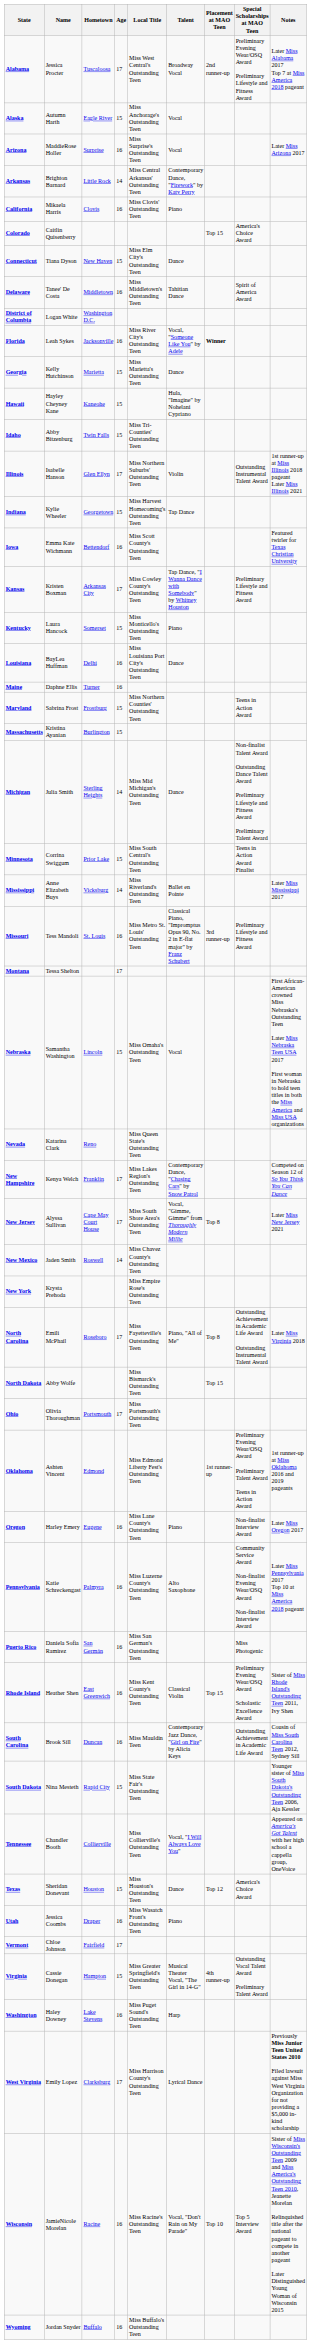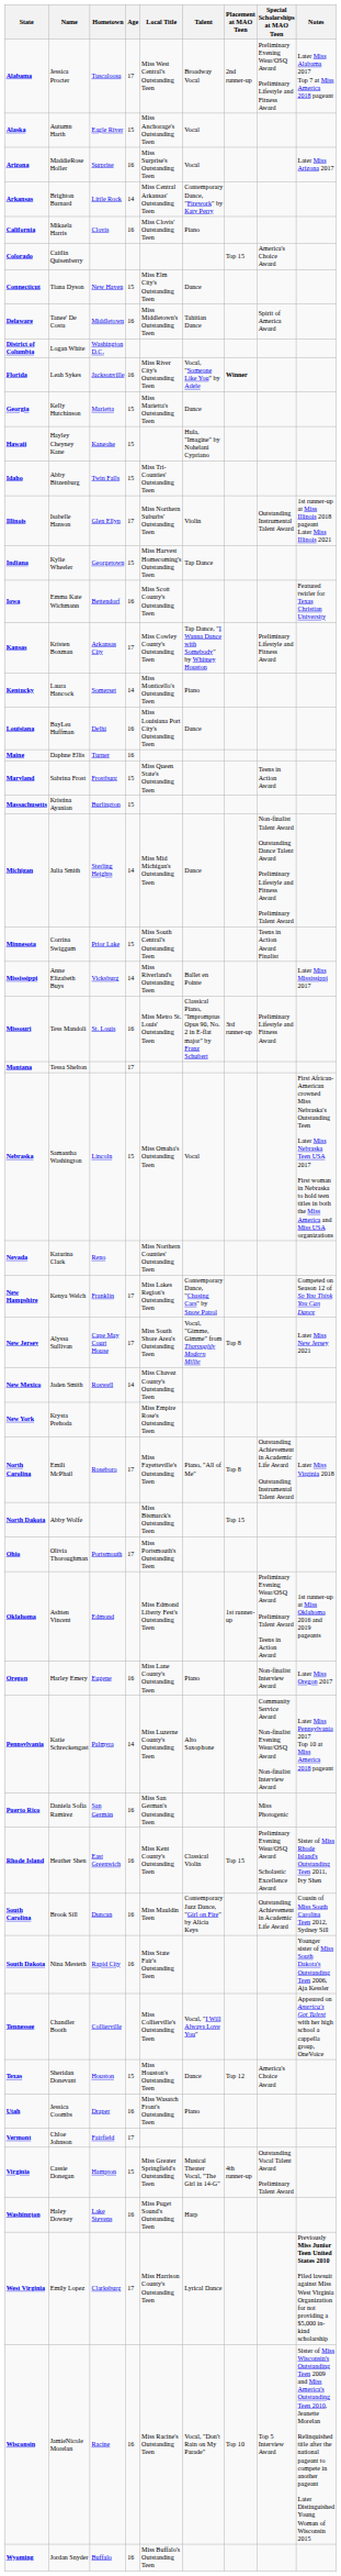 <table class="wikitable sortable" style="font-size:90%">
 <tr>
 <th>State</th>
 <th>Name</th>
 <th>Hometown</th>
 <th>Age</th>
 <th>Local Title</th>
 <th>Talent</th>
 <th>Placement at MAO Teen</th>
 <th>Special Scholarships at MAO Teen</th>
 <th>Notes</th>
 </tr>
 <tr>
 <td> <strong><a href='#'>Alabama</a></strong></td>
 <td>Jessica Procter</td>
 <td><a href='#'>Tuscaloosa</a></td>
 <td>17</td>
 <td>Miss West Central's Outstanding Teen</td>
 <td>Broadway Vocal</td>
 <td>2nd runner-up</td>
 <td>Preliminary Evening Wear/OSQ Award<br><br>Preliminary Lifestyle and Fitness Award</td>
 <td>Later <a href='#'>Miss Alabama</a> 2017<br>Top 7 at <a href='#'>Miss America 2018</a> pageant</td>
 </tr>
 <tr>
 <td> <strong><a href='#'>Alaska</a></strong></td>
 <td>Autumn Harth</td>
 <td><a href='#'>Eagle River</a></td>
 <td>15</td>
 <td>Miss Anchorage's Outstanding Teen</td>
 <td>Vocal</td>
 <td></td>
 <td></td>
 <td></td>
 </tr>
 <tr>
 <td> <strong><a href='#'>Arizona</a></strong></td>
 <td>MaddieRose Holler</td>
 <td><a href='#'>Surprise</a></td>
 <td>16</td>
 <td>Miss Surprise's Outstanding Teen</td>
 <td>Vocal</td>
 <td></td>
 <td></td>
 <td>Later <a href='#'>Miss Arizona</a> 2017</td>
 </tr>
 <tr>
 <td> <strong><a href='#'>Arkansas</a></strong></td>
 <td>Brighton Barnard</td>
 <td><a href='#'>Little Rock</a></td>
 <td>14</td>
 <td>Miss Central Arkansas' Outstanding Teen</td>
 <td>Contemporary Dance, "<a href='#'>Firework</a>" by <a href='#'>Katy Perry</a></td>
 <td></td>
 <td></td>
 <td></td>
 </tr>
 <tr>
 <td> <strong><a href='#'>California</a></strong></td>
 <td>Mikaela Harris</td>
 <td><a href='#'>Clovis</a></td>
 <td>16</td>
 <td>Miss Clovis' Outstanding Teen</td>
 <td>Piano</td>
 <td></td>
 <td></td>
 <td></td>
 </tr>
 <tr>
 <td> <strong><a href='#'>Colorado</a></strong></td>
 <td>Caitlin Quisenberry</td>
 <td></td>
 <td></td>
 <td></td>
 <td></td>
 <td>Top 15</td>
 <td>America's Choice Award</td>
 <td></td>
 </tr>
 <tr>
 <td> <strong><a href='#'>Connecticut</a></strong></td>
 <td>Tiana Dyson</td>
 <td><a href='#'>New Haven</a></td>
 <td>15</td>
 <td>Miss Elm City's Outstanding Teen</td>
 <td>Dance</td>
 <td></td>
 <td></td>
 <td></td>
 </tr>
 <tr>
 <td> <strong><a href='#'>Delaware</a></strong></td>
 <td>Tanee' De Costa</td>
 <td><a href='#'>Middletown</a></td>
 <td>16</td>
 <td>Miss Middletown's Outstanding Teen</td>
 <td>Tahitian Dance</td>
 <td></td>
 <td>Spirit of America Award</td>
 <td></td>
 </tr>
 <tr>
 <td> <strong><a href='#'>District of Columbia</a></strong></td>
 <td>Logan White</td>
 <td><a href='#'>Washington D.C.</a></td>
 <td></td>
 <td></td>
 <td></td>
 <td></td>
 <td></td>
 <td></td>
 </tr>
 <tr>
 <td> <strong><a href='#'>Florida</a></strong></td>
 <td>Leah Sykes</td>
 <td><a href='#'>Jacksonville</a></td>
 <td>16</td>
 <td>Miss River City's Outstanding Teen</td>
 <td>Vocal, "<a href='#'>Someone Like You</a>" by <a href='#'>Adele</a></td>
 <td><strong>Winner</strong></td>
 <td></td>
 <td></td>
 </tr>
 <tr>
 <td> <strong><a href='#'>Georgia</a></strong></td>
 <td>Kelly Hutchinson</td>
 <td><a href='#'>Marietta</a></td>
 <td>15</td>
 <td>Miss Marietta's Outstanding Teen</td>
 <td>Dance</td>
 <td></td>
 <td></td>
 <td></td>
 </tr>
 <tr>
 <td> <strong><a href='#'>Hawaii</a></strong></td>
 <td>Hayley Cheyney Kane</td>
 <td><a href='#'>Kaneohe</a></td>
 <td>15</td>
 <td></td>
 <td>Hula, "Imagine" by Nohelani Cypriano</td>
 <td></td>
 <td></td>
 <td></td>
 </tr>
 <tr>
 <td> <strong><a href='#'>Idaho</a></strong></td>
 <td>Abby Bitzenburg</td>
 <td><a href='#'>Twin Falls</a></td>
 <td>15</td>
 <td>Miss Tri-Counties' Outstanding Teen</td>
 <td></td>
 <td></td>
 <td></td>
 <td></td>
 </tr>
 <tr>
 <td> <strong><a href='#'>Illinois</a></strong></td>
 <td>Isabelle Hanson</td>
 <td><a href='#'>Glen Ellyn</a></td>
 <td>17</td>
 <td>Miss Northern Suburbs' Outstanding Teen</td>
 <td>Violin</td>
 <td></td>
 <td>Outstanding Instrumental Talent Award</td>
 <td>1st runner-up at <a href='#'>Miss Illinois</a> 2018 pageant<br>Later <a href='#'>Miss Illinois</a> 2021</td>
 </tr>
 <tr>
 <td> <strong><a href='#'>Indiana</a></strong></td>
 <td>Kylie Wheeler</td>
 <td><a href='#'>Georgetown</a></td>
 <td>15</td>
 <td>Miss Harvest Homecoming's Outstanding Teen</td>
 <td>Tap Dance</td>
 <td></td>
 <td></td>
 <td></td>
 </tr>
 <tr>
 <td> <strong><a href='#'>Iowa</a></strong></td>
 <td>Emma Kate Wichmann</td>
 <td><a href='#'>Bettendorf</a></td>
 <td>16</td>
 <td>Miss Scott County's Outstanding Teen</td>
 <td></td>
 <td></td>
 <td></td>
 <td>Featured twirler for <a href='#'>Texas Christian University</a></td>
 </tr>
 <tr>
 <td> <strong><a href='#'>Kansas</a></strong></td>
 <td>Kristen Boxman</td>
 <td><a href='#'>Arkansas City</a></td>
 <td>17</td>
 <td>Miss Cowley County's Outstanding Teen</td>
 <td>Tap Dance, "<a href='#'>I Wanna Dance with Somebody</a>" by <a href='#'>Whitney Houston</a></td>
 <td></td>
 <td>Preliminary Lifestyle and Fitness Award</td>
 <td></td>
 </tr>
 <tr>
 <td> <strong><a href='#'>Kentucky</a></strong></td>
 <td>Laura Hancock</td>
 <td><a href='#'>Somerset</a></td>
-<td>15</td>
+<td>14</td>
 <td>Miss Monticello's Outstanding Teen</td>
 <td>Piano</td>
 <td></td>
 <td></td>
 <td></td>
 </tr>
 <tr>
 <td> <strong><a href='#'>Louisiana</a></strong></td>
 <td>BayLea Huffman</td>
 <td><a href='#'>Delhi</a></td>
 <td>16</td>
 <td>Miss Louisiana Port City's Outstanding Teen</td>
 <td>Dance</td>
 <td></td>
 <td></td>
 <td></td>
 </tr>
 <tr>
 <td> <strong><a href='#'>Maine</a></strong></td>
 <td>Daphne Ellis</td>
 <td><a href='#'>Turner</a></td>
 <td>16</td>
 <td></td>
 <td></td>
 <td></td>
 <td></td>
 <td></td>
 </tr>
 <tr>
 <td> <strong><a href='#'>Maryland</a></strong></td>
 <td>Sabrina Frost</td>
 <td><a href='#'>Frostburg</a></td>
 <td>15</td>
-<td>Miss Northern Counties' Outstanding Teen</td>
+<td>Miss Queen State's Outstanding Teen</td>
 <td></td>
 <td></td>
 <td>Teens in Action Award</td>
 <td></td>
 </tr>
 <tr>
 <td> <strong><a href='#'>Massachusetts</a></strong></td>
 <td>Kristina Ayanian</td>
 <td><a href='#'>Burlington</a></td>
 <td>15</td>
 <td></td>
 <td></td>
 <td></td>
 <td></td>
 <td></td>
 </tr>
 <tr>
 <td> <strong><a href='#'>Michigan</a></strong></td>
 <td>Julia Smith</td>
 <td><a href='#'>Sterling Heights</a></td>
 <td>14</td>
 <td>Miss Mid Michigan's Outstanding Teen</td>
 <td>Dance</td>
 <td></td>
 <td>Non-finalist Talent Award<br><br>Outstanding Dance Talent Award<br><br>Preliminary Lifestyle and Fitness Award<br><br>Preliminary Talent Award</td>
 <td></td>
 </tr>
 <tr>
 <td> <strong><a href='#'>Minnesota</a></strong></td>
 <td>Corrina Swiggum</td>
 <td><a href='#'>Prior Lake</a></td>
 <td>15</td>
 <td>Miss South Central's Outstanding Teen</td>
 <td></td>
 <td></td>
 <td>Teens in Action Award Finalist</td>
 <td></td>
 </tr>
 <tr>
 <td> <strong><a href='#'>Mississippi</a></strong></td>
 <td>Anne Elizabeth Buys</td>
 <td><a href='#'>Vicksburg</a></td>
 <td>14</td>
 <td>Miss Riverland's Outstanding Teen</td>
 <td>Ballet en Pointe</td>
 <td></td>
 <td></td>
 <td>Later <a href='#'>Miss Mississippi</a> 2017</td>
 </tr>
 <tr>
 <td> <strong><a href='#'>Missouri</a></strong></td>
 <td>Tess Mandoli</td>
 <td><a href='#'>St. Louis</a></td>
 <td>16</td>
 <td>Miss Metro St. Louis' Outstanding Teen</td>
 <td>Classical Piano, "Impromptus Opus 90, No. 2 in E-flat major" by <a href='#'>Franz Schubert</a></td>
 <td>3rd runner-up</td>
 <td>Preliminary Lifestyle and Fitness Award</td>
 <td></td>
 </tr>
 <tr>
 <td> <strong><a href='#'>Montana</a></strong></td>
 <td>Tessa Shelton</td>
 <td></td>
 <td>17</td>
 <td></td>
 <td></td>
 <td></td>
 <td></td>
 <td></td>
 </tr>
 <tr>
 <td> <strong><a href='#'>Nebraska</a></strong></td>
 <td>Samantha Washington</td>
 <td><a href='#'>Lincoln</a></td>
 <td>15</td>
 <td>Miss Omaha's Outstanding Teen</td>
 <td>Vocal</td>
 <td></td>
 <td></td>
 <td>First African-American crowned Miss Nebraska's Outstanding Teen<br><br>Later <a href='#'>Miss Nebraska Teen USA</a> 2017<br><br>First woman in Nebraska to hold teen titles in both the <a href='#'>Miss America</a> and <a href='#'>Miss USA</a> organizations</td>
 </tr>
 <tr>
 <td> <strong><a href='#'>Nevada</a></strong></td>
 <td>Katarina Clark</td>
 <td><a href='#'>Reno</a></td>
 <td></td>
-<td>Miss Queen State's Outstanding Teen</td>
+<td>Miss Northern Counties' Outstanding Teen</td>
 <td></td>
 <td></td>
 <td></td>
 <td></td>
 </tr>
 <tr>
 <td> <strong><a href='#'>New Hampshire</a></strong></td>
 <td>Kenya Welch</td>
 <td><a href='#'>Franklin</a></td>
 <td>17</td>
 <td>Miss Lakes Region's Outstanding Teen</td>
 <td>Contemporary Dance, "<a href='#'>Chasing Cars</a>" by <a href='#'>Snow Patrol</a></td>
 <td></td>
 <td></td>
 <td>Competed on Season 12 of <em><a href='#'>So You Think You Can Dance</a></em></td>
 </tr>
 <tr>
 <td> <strong><a href='#'>New Jersey</a></strong></td>
 <td>Alyssa Sullivan</td>
 <td><a href='#'>Cape May Court House</a></td>
 <td>17</td>
 <td>Miss South Shore Area's Outstanding Teen</td>
 <td>Vocal, "Gimme, Gimme" from <em><a href='#'>Thoroughly Modern Millie</a></em></td>
 <td>Top 8</td>
 <td></td>
 <td>Later <a href='#'>Miss New Jersey</a> 2021</td>
 </tr>
 <tr>
 <td> <strong><a href='#'>New Mexico</a></strong></td>
 <td>Jaden Smith</td>
 <td><a href='#'>Roswell</a></td>
 <td>14</td>
 <td>Miss Chavez County's Outstanding Teen</td>
 <td></td>
 <td></td>
 <td></td>
 <td></td>
 </tr>
 <tr>
 <td> <strong><a href='#'>New York</a></strong></td>
 <td>Krysta Prehoda</td>
 <td></td>
 <td></td>
 <td>Miss Empire Rose's Outstanding Teen</td>
 <td></td>
 <td></td>
 <td></td>
 <td></td>
 </tr>
 <tr>
 <td> <strong><a href='#'>North Carolina</a></strong></td>
 <td>Emili McPhail</td>
 <td><a href='#'>Roseboro</a></td>
 <td>17</td>
 <td>Miss Fayetteville's Outstanding Teen</td>
 <td>Piano, "All of Me"</td>
 <td>Top 8</td>
 <td>Outstanding Achievement in Academic Life Award<br><br>Outstanding Instrumental Talent Award</td>
 <td>Later <a href='#'>Miss Virginia</a> 2018</td>
 </tr>
 <tr>
 <td> <strong><a href='#'>North Dakota</a></strong></td>
 <td>Abby Wolfe</td>
 <td></td>
 <td></td>
 <td>Miss Bismarck's Outstanding Teen</td>
 <td></td>
 <td>Top 15</td>
 <td></td>
 <td></td>
 </tr>
 <tr>
 <td> <strong><a href='#'>Ohio</a></strong></td>
 <td>Olivia Thoroughman</td>
 <td><a href='#'>Portsmouth</a></td>
 <td>17</td>
 <td>Miss Portsmouth's Outstanding Teen</td>
 <td></td>
 <td></td>
 <td></td>
 <td></td>
 </tr>
 <tr>
 <td> <strong><a href='#'>Oklahoma</a></strong></td>
 <td>Ashten Vincent</td>
 <td><a href='#'>Edmond</a></td>
 <td></td>
 <td>Miss Edmond Liberty Fest's Outstanding Teen</td>
 <td></td>
 <td>1st runner-up</td>
 <td>Preliminary Evening Wear/OSQ Award<br><br>Preliminary Talent Award<br><br>Teens in Action Award</td>
 <td>1st runner-up at <a href='#'>Miss Oklahoma</a> 2016 and 2019 pageants</td>
 </tr>
 <tr>
 <td> <strong><a href='#'>Oregon</a></strong></td>
 <td>Harley Emery</td>
 <td><a href='#'>Eugene</a></td>
 <td>16</td>
 <td>Miss Lane County's Outstanding Teen</td>
 <td>Piano</td>
 <td></td>
 <td>Non-finalist Interview Award</td>
 <td>Later <a href='#'>Miss Oregon</a> 2017</td>
 </tr>
 <tr>
 <td> <strong><a href='#'>Pennsylvania</a></strong></td>
 <td>Katie Schreckengast</td>
 <td><a href='#'>Palmyra</a></td>
-<td>16</td>
+<td>14</td>
 <td>Miss Luzerne County's Outstanding Teen</td>
 <td>Alto Saxophone</td>
 <td></td>
 <td>Community Service Award<br><br>Non-finalist Evening Wear/OSQ Award<br><br>Non-finalist Interview Award</td>
 <td>Later <a href='#'>Miss Pennsylvania</a> 2017<br>Top 10 at <a href='#'>Miss America 2018</a> pageant</td>
 </tr>
 <tr>
 <td> <strong><a href='#'>Puerto Rico</a></strong></td>
 <td>Daniela Sofia Ramirez</td>
 <td><a href='#'>San Germán</a></td>
 <td>16</td>
 <td>Miss San German's Outstanding Teen</td>
 <td></td>
 <td></td>
 <td>Miss Photogenic</td>
 <td></td>
 </tr>
 <tr>
 <td> <strong><a href='#'>Rhode Island</a></strong></td>
 <td>Heather Shen</td>
 <td><a href='#'>East Greenwich</a></td>
 <td>16</td>
 <td>Miss Kent County's Outstanding Teen</td>
 <td>Classical Violin</td>
 <td>Top 15</td>
 <td>Preliminary Evening Wear/OSQ Award<br><br>Scholastic Excellence Award</td>
 <td>Sister of <a href='#'>Miss Rhode Island's Outstanding Teen</a> 2011, Ivy Shen</td>
 </tr>
 <tr>
 <td> <strong><a href='#'>South Carolina</a></strong></td>
 <td>Brook Sill</td>
 <td><a href='#'>Duncan</a></td>
 <td>16</td>
 <td>Miss Mauldin Teen</td>
 <td>Contemporary Jazz Dance, "<a href='#'>Girl on Fire</a>" by Alicia Keys</td>
 <td></td>
 <td>Outstanding Achievement in Academic Life Award</td>
 <td>Cousin of <a href='#'>Miss South Carolina Teen</a> 2012, Sydney Sill</td>
 </tr>
 <tr>
 <td> <strong><a href='#'>South Dakota</a></strong></td>
 <td>Nina Mesteth</td>
 <td><a href='#'>Rapid City</a></td>
-<td>15</td>
+<td>16</td>
 <td>Miss State Fair's Outstanding Teen</td>
 <td></td>
 <td></td>
 <td></td>
 <td>Younger sister of <a href='#'>Miss South Dakota's Outstanding Teen</a> 2006, Aja Kessler</td>
 </tr>
 <tr>
 <td> <strong><a href='#'>Tennessee</a></strong></td>
 <td>Chandler Booth</td>
 <td><a href='#'>Collierville</a></td>
 <td></td>
 <td>Miss Collierville's Outstanding Teen</td>
 <td>Vocal, "<a href='#'>I Will Always Love You</a>"</td>
 <td></td>
 <td></td>
 <td>Appeared on <em><a href='#'>America's Got Talent</a></em> with her high school a cappella group, OneVoice</td>
 </tr>
 <tr>
 <td> <strong><a href='#'>Texas</a></strong></td>
 <td>Sheridan Donevant</td>
 <td><a href='#'>Houston</a></td>
 <td>15</td>
 <td>Miss Houston's Outstanding Teen</td>
 <td>Dance</td>
 <td>Top 12</td>
 <td>America's Choice Award</td>
 <td></td>
 </tr>
 <tr>
 <td> <strong><a href='#'>Utah</a></strong></td>
 <td>Jessica Coombs</td>
 <td><a href='#'>Draper</a></td>
 <td>16</td>
 <td>Miss Wasatch Front's Outstanding Teen</td>
 <td>Piano</td>
 <td></td>
 <td></td>
 <td></td>
 </tr>
 <tr>
 <td> <strong><a href='#'>Vermont</a></strong></td>
 <td>Chloe Johnson</td>
 <td><a href='#'>Fairfield</a></td>
 <td>17</td>
 <td></td>
 <td></td>
 <td></td>
 <td></td>
 <td></td>
 </tr>
 <tr>
 <td> <strong><a href='#'>Virginia</a></strong></td>
 <td>Cassie Donegan</td>
 <td><a href='#'>Hampton</a></td>
 <td>15</td>
 <td>Miss Greater Springfield's Outstanding Teen</td>
 <td>Musical Theater Vocal, "The Girl in 14-G"</td>
 <td>4th runner-up</td>
 <td>Outstanding Vocal Talent Award<br><br>Preliminary Talent Award</td>
 <td></td>
 </tr>
 <tr>
 <td> <strong><a href='#'>Washington</a></strong></td>
 <td>Haley Downey</td>
 <td><a href='#'>Lake Stevens</a></td>
 <td>16</td>
 <td>Miss Puget Sound's Outstanding Teen</td>
 <td>Harp</td>
 <td></td>
 <td></td>
 <td></td>
 </tr>
 <tr>
 <td> <strong><a href='#'>West Virginia</a></strong></td>
 <td>Emily Lopez</td>
 <td><a href='#'>Clarksburg</a></td>
 <td>17</td>
 <td>Miss Harrison County's Outstanding Teen</td>
 <td>Lyrical Dance</td>
 <td></td>
 <td></td>
 <td>Previously <strong>Miss Junior Teen United States 2010</strong><br><br>Filed lawsuit against Miss West Virginia Organization for not providing a $5,000 in-kind scholarship</td>
 </tr>
 <tr>
 <td> <strong><a href='#'>Wisconsin</a></strong></td>
 <td>JamieNicole Morelan</td>
 <td><a href='#'>Racine</a></td>
 <td>16</td>
 <td>Miss Racine's Outstanding Teen</td>
 <td>Vocal, "Don't Rain on My Parade"</td>
 <td>Top 10</td>
 <td>Top 5 Interview Award</td>
 <td>Sister of <a href='#'>Miss Wisconsin's Outstanding Teen</a> 2009 and <a href='#'>Miss America's Outstanding Teen 2010</a>, Jeanette Morelan<br><br>Relinquished title after the national pageant to compete in another pageant<br><br>Later Distinguished Young Woman of Wisconsin 2015</td>
 </tr>
 <tr>
 <td> <strong><a href='#'>Wyoming</a></strong></td>
 <td>Jordan Snyder</td>
 <td><a href='#'>Buffalo</a></td>
 <td>16</td>
 <td>Miss Buffalo's Outstanding Teen</td>
 <td></td>
 <td></td>
 <td></td>
 <td></td>
 </tr>
 </table>
